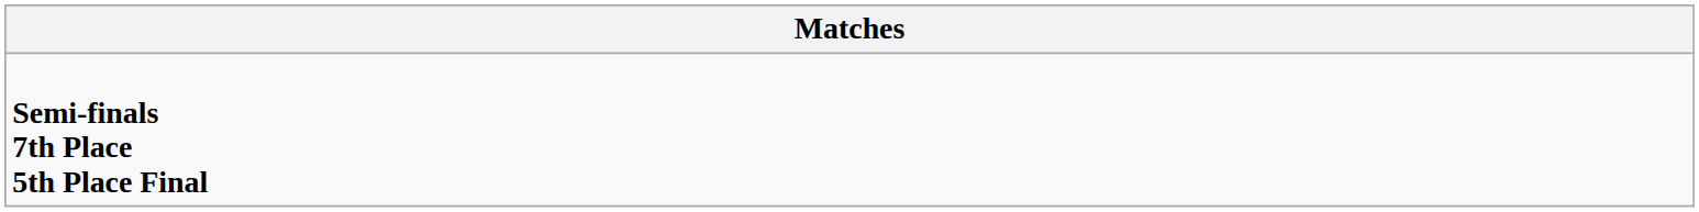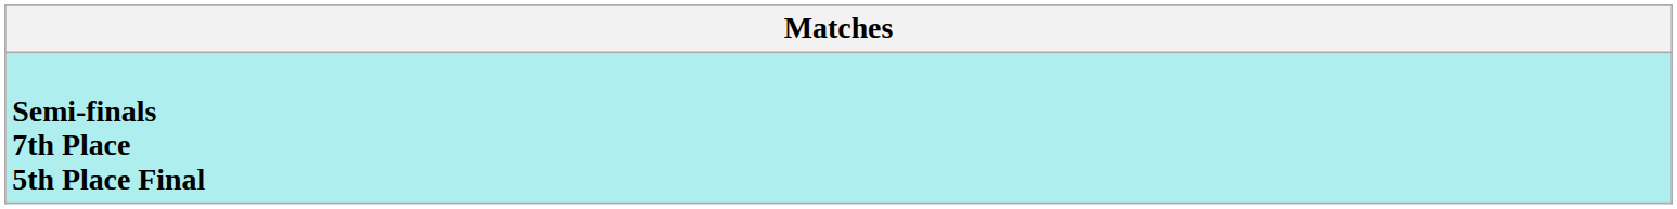 <table class="wikitable collapsible collapsed" style="width:100%;">
 <tr>
 <th>Matches</th>
 </tr>
 <tr>
-<td><br><strong>Semi-finals</strong>  <br><strong>7th Place</strong> <br><strong>5th Place Final</strong> </td>
+<td style="background: paleturquoise;"><br><strong>Semi-finals</strong>  <br><strong>7th Place</strong> <br><strong>5th Place Final</strong> </td>
 </tr>
 </table>
